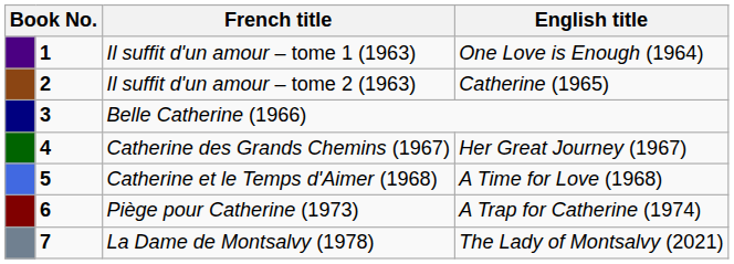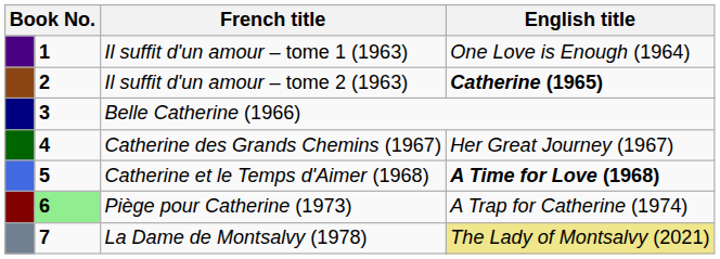 <table class="wikitable">
 <tr>
 <th colspan=2>Book No.</th>
 <th>French title</th>
 <th>English title</th>
 </tr>
 <tr>
 <td bgcolor="indigo"></td>
 <td><strong>1</strong></td>
 <td><em>Il suffit d'un amour</em> – tome 1 (1963)</td>
 <td><em>One Love is Enough</em> (1964)</td>
 </tr>
 <tr>
 <td bgcolor="saddlebrown"></td>
 <td><strong>2</strong></td>
 <td><em>Il suffit d'un amour</em> – tome 2 (1963)</td>
-<td><em>Catherine</em> (1965)</td>
+<td><strong><em>Catherine</em> (1965)</strong></td>
 </tr>
 <tr>
 <td bgcolor="navy"></td>
 <td><strong>3</strong></td>
 <td colspan=2><em>Belle Catherine</em> (1966)</td>
 </tr>
 <tr>
 <td bgcolor="darkgreen"></td>
 <td><strong>4</strong></td>
 <td><em>Catherine des Grands Chemins</em> (1967)</td>
 <td><em>Her Great Journey</em> (1967)<br></td>
 </tr>
 <tr>
 <td bgcolor="royalblue"></td>
 <td><strong>5</strong></td>
 <td><em>Catherine et le Temps d'Aimer</em> (1968)</td>
-<td><em>A Time for Love</em> (1968)</td>
+<td><strong><em>A Time for Love</em> (1968)</strong></td>
 </tr>
 <tr>
 <td bgcolor="maroon"></td>
-<td><strong>6</strong></td>
+<td style="background: lightgreen;"><strong>6</strong></td>
 <td><em>Piège pour Catherine</em> (1973)</td>
 <td><em>A Trap for Catherine</em> (1974)<br></td>
 </tr>
 <tr>
 <td bgcolor="slategrey"></td>
 <td><strong>7</strong></td>
 <td><em>La Dame de Montsalvy</em> (1978)</td>
-<td><em>The Lady of Montsalvy</em> (2021)</td>
+<td style="background: khaki;"><em>The Lady of Montsalvy</em> (2021)</td>
 </tr>
 </table>
